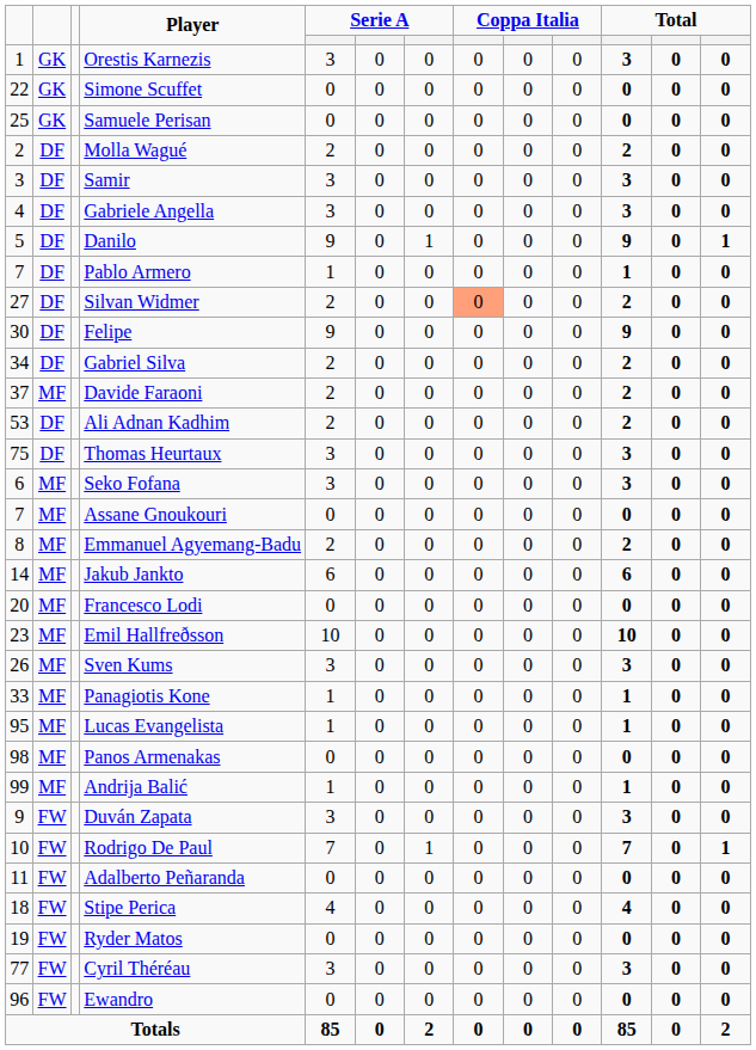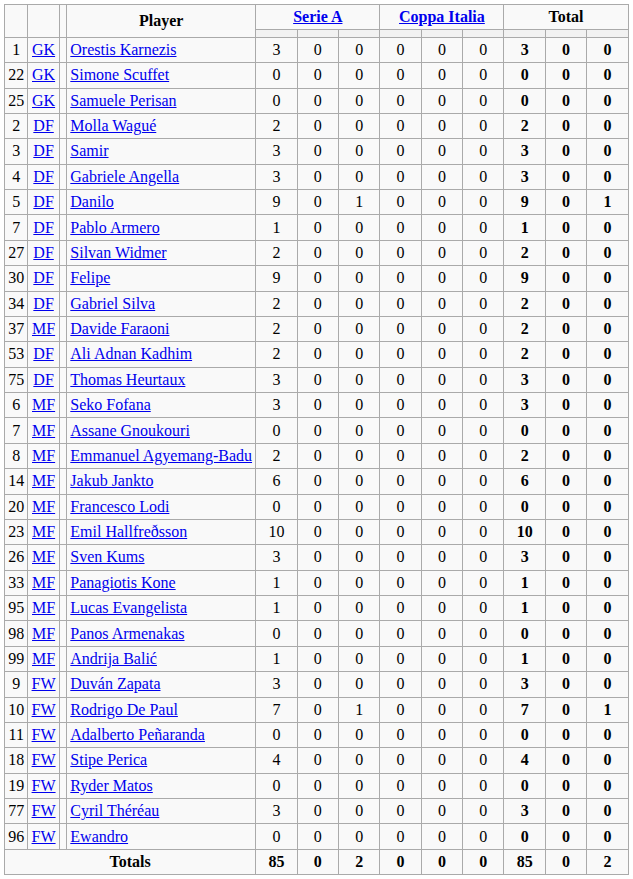 <table class="wikitable" style="text-align:center;">
 <tr>
 <td rowspan="2" !width=15><strong></strong></td>
 <td rowspan="2" !width=15><strong></strong></td>
 <td rowspan="2" !width=15><strong></strong></td>
 <td rowspan="2" !width=120><strong>Player</strong></td>
 <td colspan="3"><strong><a href='#'>Serie A</a></strong></td>
 <td colspan="3"><strong><a href='#'>Coppa Italia</a></strong></td>
 <td colspan="3"><strong>Total</strong></td>
 </tr>
 <tr>
 <th width=34; background:#fe9;></th>
 <th width=34; background:#fe9;></th>
 <th width=34; background:#ff8888;></th>
 <th width=34; background:#fe9;></th>
 <th width=34; background:#fe9;></th>
 <th width=34; background:#ff8888;></th>
 <th width=34; background:#fe9;></th>
 <th width=34; background:#fe9;></th>
 <th width=34; background:#ff8888;></th>
 </tr>
 <tr>
 <td>1</td>
 <td><a href='#'>GK</a></td>
 <td></td>
 <td align=left><a href='#'>Orestis Karnezis</a></td>
 <td>3</td>
 <td>0</td>
 <td>0</td>
 <td>0</td>
 <td>0</td>
 <td>0</td>
 <td><strong>3</strong></td>
 <td><strong>0</strong></td>
 <td><strong>0</strong></td>
 </tr>
 <tr>
 <td>22</td>
 <td><a href='#'>GK</a></td>
 <td></td>
 <td align=left><a href='#'>Simone Scuffet</a></td>
 <td>0</td>
 <td>0</td>
 <td>0</td>
 <td>0</td>
 <td>0</td>
 <td>0</td>
 <td><strong>0</strong></td>
 <td><strong>0</strong></td>
 <td><strong>0</strong></td>
 </tr>
 <tr>
 <td>25</td>
 <td><a href='#'>GK</a></td>
 <td></td>
 <td align=left><a href='#'>Samuele Perisan</a></td>
 <td>0</td>
 <td>0</td>
 <td>0</td>
 <td>0</td>
 <td>0</td>
 <td>0</td>
 <td><strong>0</strong></td>
 <td><strong>0</strong></td>
 <td><strong>0</strong></td>
 </tr>
 <tr>
 <td>2</td>
 <td><a href='#'>DF</a></td>
 <td></td>
 <td align=left><a href='#'>Molla Wagué</a></td>
 <td>2</td>
 <td>0</td>
 <td>0</td>
 <td>0</td>
 <td>0</td>
 <td>0</td>
 <td><strong>2</strong></td>
 <td><strong>0</strong></td>
 <td><strong>0</strong></td>
 </tr>
 <tr>
 <td>3</td>
 <td><a href='#'>DF</a></td>
 <td></td>
 <td align=left><a href='#'>Samir</a></td>
 <td>3</td>
 <td>0</td>
 <td>0</td>
 <td>0</td>
 <td>0</td>
 <td>0</td>
 <td><strong>3</strong></td>
 <td><strong>0</strong></td>
 <td><strong>0</strong></td>
 </tr>
 <tr>
 <td>4</td>
 <td><a href='#'>DF</a></td>
 <td></td>
 <td align=left><a href='#'>Gabriele Angella</a></td>
 <td>3</td>
 <td>0</td>
 <td>0</td>
 <td>0</td>
 <td>0</td>
 <td>0</td>
 <td><strong>3</strong></td>
 <td><strong>0</strong></td>
 <td><strong>0</strong></td>
 </tr>
 <tr>
 <td>5</td>
 <td><a href='#'>DF</a></td>
 <td></td>
 <td align=left><a href='#'>Danilo</a></td>
 <td>9</td>
 <td>0</td>
 <td>1</td>
 <td>0</td>
 <td>0</td>
 <td>0</td>
 <td><strong>9</strong></td>
 <td><strong>0</strong></td>
 <td><strong>1</strong></td>
 </tr>
 <tr>
 <td>7</td>
 <td><a href='#'>DF</a></td>
 <td></td>
 <td align=left><a href='#'>Pablo Armero</a></td>
 <td>1</td>
 <td>0</td>
 <td>0</td>
 <td>0</td>
 <td>0</td>
 <td>0</td>
 <td><strong>1</strong></td>
 <td><strong>0</strong></td>
 <td><strong>0</strong></td>
 </tr>
 <tr>
 <td>27</td>
 <td><a href='#'>DF</a></td>
 <td></td>
 <td align=left><a href='#'>Silvan Widmer</a></td>
 <td>2</td>
 <td>0</td>
 <td>0</td>
-<td style="background: lightsalmon;">0</td>
+<td>0</td>
 <td>0</td>
 <td>0</td>
 <td><strong>2</strong></td>
 <td><strong>0</strong></td>
 <td><strong>0</strong></td>
 </tr>
 <tr>
 <td>30</td>
 <td><a href='#'>DF</a></td>
 <td></td>
 <td align=left><a href='#'>Felipe</a></td>
 <td>9</td>
 <td>0</td>
 <td>0</td>
 <td>0</td>
 <td>0</td>
 <td>0</td>
 <td><strong>9</strong></td>
 <td><strong>0</strong></td>
 <td><strong>0</strong></td>
 </tr>
 <tr>
 <td>34</td>
 <td><a href='#'>DF</a></td>
 <td></td>
 <td align=left><a href='#'>Gabriel Silva</a></td>
 <td>2</td>
 <td>0</td>
 <td>0</td>
 <td>0</td>
 <td>0</td>
 <td>0</td>
 <td><strong>2</strong></td>
 <td><strong>0</strong></td>
 <td><strong>0</strong></td>
 </tr>
 <tr>
 <td>37</td>
 <td><a href='#'>MF</a></td>
 <td></td>
 <td align=left><a href='#'>Davide Faraoni</a></td>
 <td>2</td>
 <td>0</td>
 <td>0</td>
 <td>0</td>
 <td>0</td>
 <td>0</td>
 <td><strong>2</strong></td>
 <td><strong>0</strong></td>
 <td><strong>0</strong></td>
 </tr>
 <tr>
 <td>53</td>
 <td><a href='#'>DF</a></td>
 <td></td>
 <td align=left><a href='#'>Ali Adnan Kadhim</a></td>
 <td>2</td>
 <td>0</td>
 <td>0</td>
 <td>0</td>
 <td>0</td>
 <td>0</td>
 <td><strong>2</strong></td>
 <td><strong>0</strong></td>
 <td><strong>0</strong></td>
 </tr>
 <tr>
 <td>75</td>
 <td><a href='#'>DF</a></td>
 <td></td>
 <td align=left><a href='#'>Thomas Heurtaux</a></td>
 <td>3</td>
 <td>0</td>
 <td>0</td>
 <td>0</td>
 <td>0</td>
 <td>0</td>
 <td><strong>3</strong></td>
 <td><strong>0</strong></td>
 <td><strong>0</strong></td>
 </tr>
 <tr>
 <td>6</td>
 <td><a href='#'>MF</a></td>
 <td></td>
 <td align=left><a href='#'>Seko Fofana</a></td>
 <td>3</td>
 <td>0</td>
 <td>0</td>
 <td>0</td>
 <td>0</td>
 <td>0</td>
 <td><strong>3</strong></td>
 <td><strong>0</strong></td>
 <td><strong>0</strong></td>
 </tr>
 <tr>
 <td>7</td>
 <td><a href='#'>MF</a></td>
 <td></td>
 <td align=left><a href='#'>Assane Gnoukouri</a></td>
 <td>0</td>
 <td>0</td>
 <td>0</td>
 <td>0</td>
 <td>0</td>
 <td>0</td>
 <td><strong>0</strong></td>
 <td><strong>0</strong></td>
 <td><strong>0</strong></td>
 </tr>
 <tr>
 <td>8</td>
 <td><a href='#'>MF</a></td>
 <td></td>
 <td align=left><a href='#'>Emmanuel Agyemang-Badu</a></td>
 <td>2</td>
 <td>0</td>
 <td>0</td>
 <td>0</td>
 <td>0</td>
 <td>0</td>
 <td><strong>2</strong></td>
 <td><strong>0</strong></td>
 <td><strong>0</strong></td>
 </tr>
 <tr>
 <td>14</td>
 <td><a href='#'>MF</a></td>
 <td></td>
 <td align=left><a href='#'>Jakub Jankto</a></td>
 <td>6</td>
 <td>0</td>
 <td>0</td>
 <td>0</td>
 <td>0</td>
 <td>0</td>
 <td><strong>6</strong></td>
 <td><strong>0</strong></td>
 <td><strong>0</strong></td>
 </tr>
 <tr>
 <td>20</td>
 <td><a href='#'>MF</a></td>
 <td></td>
 <td align=left><a href='#'>Francesco Lodi</a></td>
 <td>0</td>
 <td>0</td>
 <td>0</td>
 <td>0</td>
 <td>0</td>
 <td>0</td>
 <td><strong>0</strong></td>
 <td><strong>0</strong></td>
 <td><strong>0</strong></td>
 </tr>
 <tr>
 <td>23</td>
 <td><a href='#'>MF</a></td>
 <td></td>
 <td align=left><a href='#'>Emil Hallfreðsson</a></td>
 <td>10</td>
 <td>0</td>
 <td>0</td>
 <td>0</td>
 <td>0</td>
 <td>0</td>
 <td><strong>10</strong></td>
 <td><strong>0</strong></td>
 <td><strong>0</strong></td>
 </tr>
 <tr>
 <td>26</td>
 <td><a href='#'>MF</a></td>
 <td></td>
 <td align=left><a href='#'>Sven Kums</a></td>
 <td>3</td>
 <td>0</td>
 <td>0</td>
 <td>0</td>
 <td>0</td>
 <td>0</td>
 <td><strong>3</strong></td>
 <td><strong>0</strong></td>
 <td><strong>0</strong></td>
 </tr>
 <tr>
 <td>33</td>
 <td><a href='#'>MF</a></td>
 <td></td>
 <td align=left><a href='#'>Panagiotis Kone</a></td>
 <td>1</td>
 <td>0</td>
 <td>0</td>
 <td>0</td>
 <td>0</td>
 <td>0</td>
 <td><strong>1</strong></td>
 <td><strong>0</strong></td>
 <td><strong>0</strong></td>
 </tr>
 <tr>
 <td>95</td>
 <td><a href='#'>MF</a></td>
 <td></td>
 <td align=left><a href='#'>Lucas Evangelista</a></td>
 <td>1</td>
 <td>0</td>
 <td>0</td>
 <td>0</td>
 <td>0</td>
 <td>0</td>
 <td><strong>1</strong></td>
 <td><strong>0</strong></td>
 <td><strong>0</strong></td>
 </tr>
 <tr>
 <td>98</td>
 <td><a href='#'>MF</a></td>
 <td></td>
 <td align=left><a href='#'>Panos Armenakas</a></td>
 <td>0</td>
 <td>0</td>
 <td>0</td>
 <td>0</td>
 <td>0</td>
 <td>0</td>
 <td><strong>0</strong></td>
 <td><strong>0</strong></td>
 <td><strong>0</strong></td>
 </tr>
 <tr>
 <td>99</td>
 <td><a href='#'>MF</a></td>
 <td></td>
 <td align=left><a href='#'>Andrija Balić</a></td>
 <td>1</td>
 <td>0</td>
 <td>0</td>
 <td>0</td>
 <td>0</td>
 <td>0</td>
 <td><strong>1</strong></td>
 <td><strong>0</strong></td>
 <td><strong>0</strong></td>
 </tr>
 <tr>
 <td>9</td>
 <td><a href='#'>FW</a></td>
 <td></td>
 <td align=left><a href='#'>Duván Zapata</a></td>
 <td>3</td>
 <td>0</td>
 <td>0</td>
 <td>0</td>
 <td>0</td>
 <td>0</td>
 <td><strong>3</strong></td>
 <td><strong>0</strong></td>
 <td><strong>0</strong></td>
 </tr>
 <tr>
 <td>10</td>
 <td><a href='#'>FW</a></td>
 <td></td>
 <td align=left><a href='#'>Rodrigo De Paul</a></td>
 <td>7</td>
 <td>0</td>
 <td>1</td>
 <td>0</td>
 <td>0</td>
 <td>0</td>
 <td><strong>7</strong></td>
 <td><strong>0</strong></td>
 <td><strong>1</strong></td>
 </tr>
 <tr>
 <td>11</td>
 <td><a href='#'>FW</a></td>
 <td></td>
 <td align=left><a href='#'>Adalberto Peñaranda</a></td>
 <td>0</td>
 <td>0</td>
 <td>0</td>
 <td>0</td>
 <td>0</td>
 <td>0</td>
 <td><strong>0</strong></td>
 <td><strong>0</strong></td>
 <td><strong>0</strong></td>
 </tr>
 <tr>
 <td>18</td>
 <td><a href='#'>FW</a></td>
 <td></td>
 <td align=left><a href='#'>Stipe Perica</a></td>
 <td>4</td>
 <td>0</td>
 <td>0</td>
 <td>0</td>
 <td>0</td>
 <td>0</td>
 <td><strong>4</strong></td>
 <td><strong>0</strong></td>
 <td><strong>0</strong></td>
 </tr>
 <tr>
 <td>19</td>
 <td><a href='#'>FW</a></td>
 <td></td>
 <td align=left><a href='#'>Ryder Matos</a></td>
 <td>0</td>
 <td>0</td>
 <td>0</td>
 <td>0</td>
 <td>0</td>
 <td>0</td>
 <td><strong>0</strong></td>
 <td><strong>0</strong></td>
 <td><strong>0</strong></td>
 </tr>
 <tr>
 <td>77</td>
 <td><a href='#'>FW</a></td>
 <td></td>
 <td align=left><a href='#'>Cyril Théréau</a></td>
 <td>3</td>
 <td>0</td>
 <td>0</td>
 <td>0</td>
 <td>0</td>
 <td>0</td>
 <td><strong>3</strong></td>
 <td><strong>0</strong></td>
 <td><strong>0</strong></td>
 </tr>
 <tr>
 <td>96</td>
 <td><a href='#'>FW</a></td>
 <td></td>
 <td align=left><a href='#'>Ewandro</a></td>
 <td>0</td>
 <td>0</td>
 <td>0</td>
 <td>0</td>
 <td>0</td>
 <td>0</td>
 <td><strong>0</strong></td>
 <td><strong>0</strong></td>
 <td><strong>0</strong></td>
 </tr>
 <tr>
 <td colspan=4><strong>Totals</strong></td>
 <td><strong>85</strong></td>
 <td><strong>0</strong></td>
 <td><strong>2</strong></td>
 <td><strong>0</strong></td>
 <td><strong>0</strong></td>
 <td><strong>0</strong></td>
 <td><strong>85</strong></td>
 <td><strong>0</strong></td>
 <td><strong>2</strong></td>
 </tr>
 </table>
